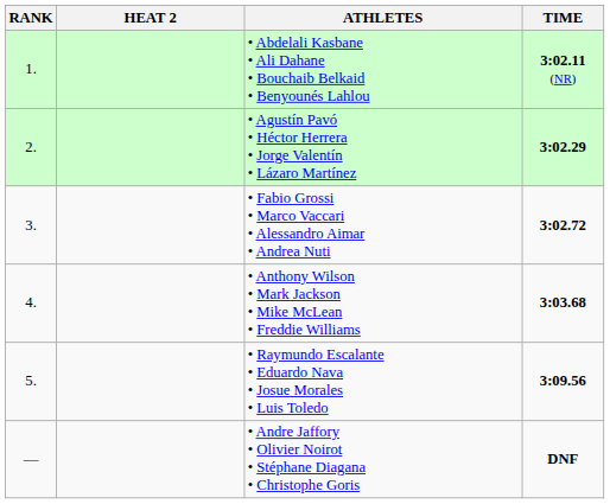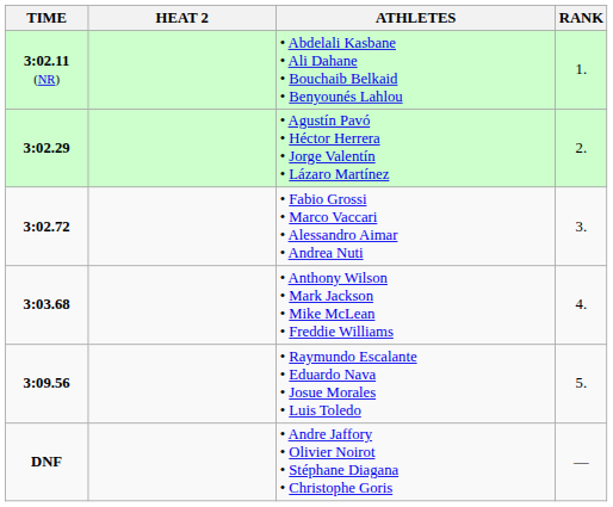 <table class="wikitable" style="border-collapse: collapse; font-size: 90%;">
 <tr>
-<th>RANK</th>
+<th style="width: 5em">TIME</th>
 <th style="width: 12em">HEAT 2</th>
 <th style="width: 18em">ATHLETES</th>
-<th style="width: 5em">TIME</th>
+<th>RANK</th>
 </tr>
 <tr style="background:#ccffcc;">
-<td align="center">1.</td>
+<td align="center"><strong>3:02.11</strong><br><small>(<a href='#'>NR</a>)</small></td>
 <td align="center"></td>
 <td>• <a href='#'>Abdelali Kasbane</a><br>• <a href='#'>Ali Dahane</a><br>• <a href='#'>Bouchaib Belkaid</a><br>• <a href='#'>Benyounés Lahlou</a></td>
-<td align="center"><strong>3:02.11</strong><br><small>(<a href='#'>NR</a>)</small></td>
+<td align="center">1.</td>
 </tr>
 <tr style="background:#ccffcc;">
-<td align="center">2.</td>
+<td align="center"><strong>3:02.29</strong></td>
 <td align="center"></td>
 <td>• <a href='#'>Agustín Pavó</a><br>• <a href='#'>Héctor Herrera</a><br>• <a href='#'>Jorge Valentín</a><br>• <a href='#'>Lázaro Martínez</a></td>
-<td align="center"><strong>3:02.29</strong></td>
+<td align="center">2.</td>
 </tr>
 <tr>
-<td align="center">3.</td>
+<td align="center"><strong>3:02.72</strong></td>
 <td align="center"></td>
 <td>• <a href='#'>Fabio Grossi</a><br>• <a href='#'>Marco Vaccari</a><br>• <a href='#'>Alessandro Aimar</a><br>• <a href='#'>Andrea Nuti</a></td>
-<td align="center"><strong>3:02.72</strong></td>
+<td align="center">3.</td>
 </tr>
 <tr>
-<td align="center">4.</td>
+<td align="center"><strong>3:03.68</strong></td>
 <td align="center"></td>
 <td>• <a href='#'>Anthony Wilson</a><br>• <a href='#'>Mark Jackson</a><br>• <a href='#'>Mike McLean</a><br>• <a href='#'>Freddie Williams</a></td>
-<td align="center"><strong>3:03.68</strong></td>
+<td align="center">4.</td>
 </tr>
 <tr>
-<td align="center">5.</td>
+<td align="center"><strong>3:09.56</strong></td>
 <td align="center"></td>
 <td>• <a href='#'>Raymundo Escalante</a><br>• <a href='#'>Eduardo Nava</a><br>• <a href='#'>Josue Morales</a><br>• <a href='#'>Luis Toledo</a></td>
-<td align="center"><strong>3:09.56</strong></td>
+<td align="center">5.</td>
 </tr>
 <tr>
-<td align="center">—</td>
+<td align="center"><strong>DNF</strong></td>
 <td align="center"></td>
 <td>• <a href='#'>Andre Jaffory</a><br>• <a href='#'>Olivier Noirot</a><br>• <a href='#'>Stéphane Diagana</a><br>• <a href='#'>Christophe Goris</a></td>
-<td align="center"><strong>DNF</strong></td>
+<td align="center">—</td>
 </tr>
 </table>
